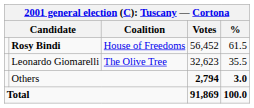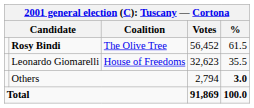 <table class=wikitable style=text-align:right>
 <tr>
 <th colspan=5><a href='#'>2001 general election</a> (<a href='#'>C</a>): <a href='#'>Tuscany</a> — <a href='#'>Cortona</a></th>
 </tr>
 <tr>
 <th colspan=2>Candidate</th>
 <th>Coalition</th>
 <th>Votes</th>
 <th>%</th>
 </tr>
 <tr>
 <td></td>
 <td align=left><strong>Rosy Bindi</strong></td>
-<td align=left><a href='#'>House of Freedoms</a></td>
+<td align=left><a href='#'>The Olive Tree</a></td>
 <td>56,452</td>
 <td>61.5</td>
 </tr>
 <tr>
 <td></td>
 <td align=left>Leonardo Giomarelli</td>
-<td align=left><a href='#'>The Olive Tree</a></td>
+<td align=left><a href='#'>House of Freedoms</a></td>
 <td>32,623</td>
 <td>35.5</td>
 </tr>
 <tr>
 <td></td>
 <td align=left colspan=2>Others</td>
-<td><strong>2,794</strong></td>
+<td>2,794</td>
 <td><strong>3.0</strong></td>
 </tr>
 <tr>
 <td align=left colspan=3><strong>Total</strong></td>
 <td><strong>91,869</strong></td>
 <td><strong>100.0</strong></td>
 </tr>
 </table>
